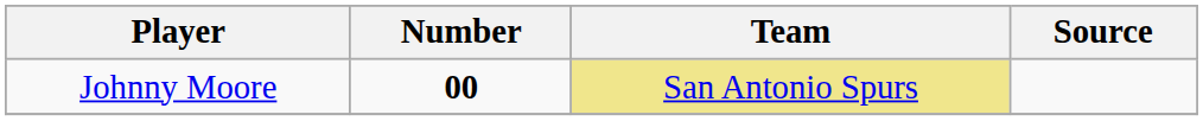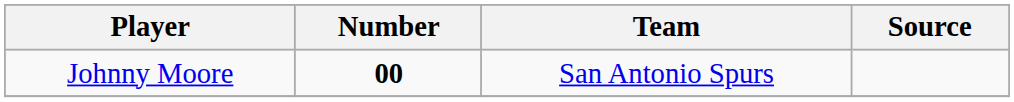 <table class="wikitable" style="width: 90%;text-align: center;">
 <tr>
 <th style=>Player</th>
 <th style=>Number</th>
 <th style=>Team</th>
 <th style=>Source</th>
 </tr>
 <tr align="center">
 <td rowspan="1"><a href='#'>Johnny Moore</a></td>
 <td><strong>00</strong></td>
-<td style="background: khaki;"><a href='#'>San Antonio Spurs</a></td>
+<td><a href='#'>San Antonio Spurs</a></td>
 <td></td>
 </tr>
 <tr>
 </tr>
 </table>
